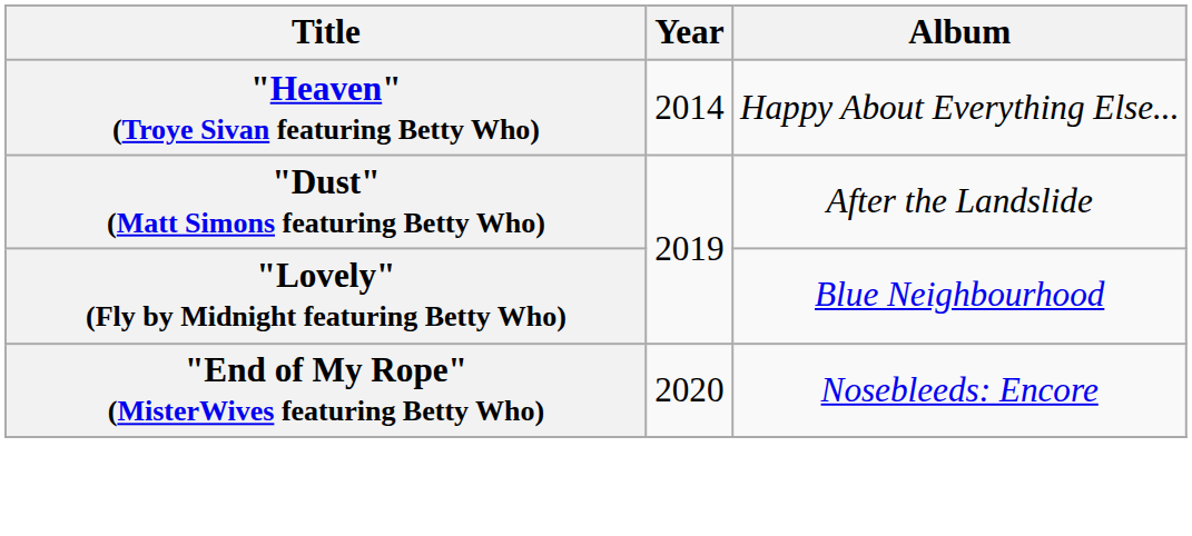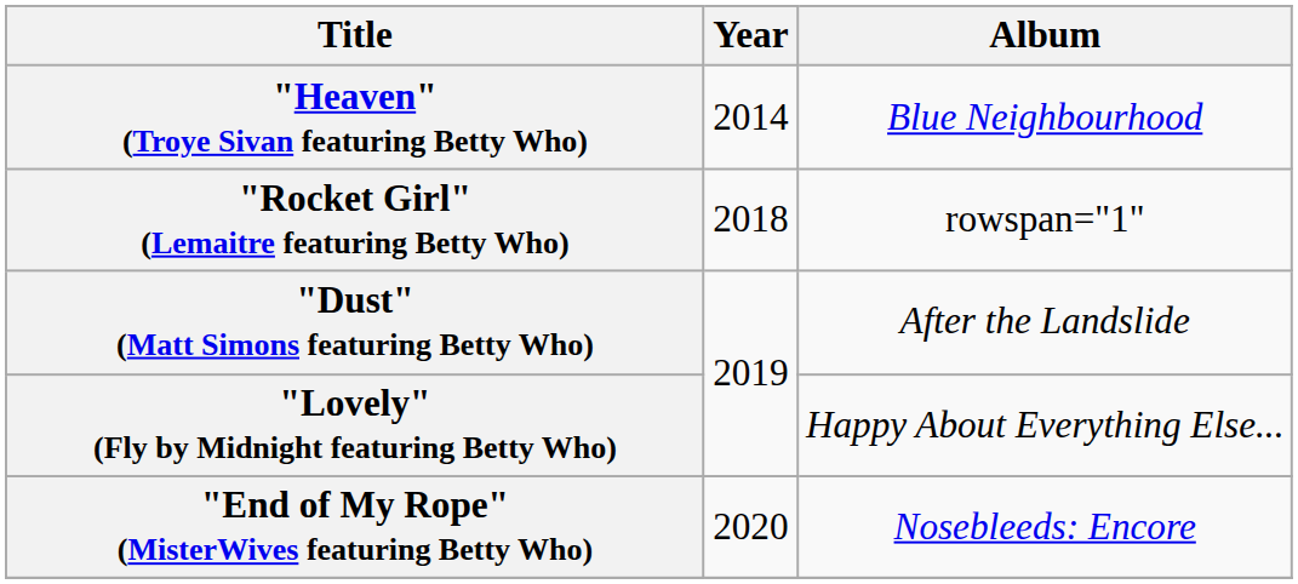 <table class="wikitable plainrowheaders" style="text-align:center;" border="1">
 <tr>
 <th scope="col" style="width:18em;">Title</th>
 <th scope="col">Year</th>
 <th scope="col">Album</th>
 </tr>
 <tr>
 <th scope="row">"<a href='#'>Heaven</a>" <br> <small>(<a href='#'>Troye Sivan</a> featuring Betty Who)</small></th>
 <td>2014</td>
-<td><em>Happy About Everything Else...</em></td>
+<td><em><a href='#'>Blue Neighbourhood</a></em></td>
+</tr>
+<tr>
+<th scope="row">"Rocket Girl" <br> <small>(<a href='#'>Lemaitre</a> featuring Betty Who)</small></th>
+<td>2018</td>
+<td>rowspan="1" </td>
 </tr>
 <tr>
 <th scope="row">"Dust" <br> <small>(<a href='#'>Matt Simons</a> featuring Betty Who)</small></th>
 <td rowspan="2">2019</td>
 <td><em>After the Landslide</em></td>
 </tr>
 <tr>
 <th scope="row">"Lovely"<br> <small>(Fly by Midnight featuring Betty Who)</small></th>
-<td><em><a href='#'>Blue Neighbourhood</a></em></td>
+<td><em>Happy About Everything Else...</em></td>
 </tr>
 <tr>
 <th scope="row">"End of My Rope"<br> <small>(<a href='#'>MisterWives</a> featuring Betty Who)</small></th>
 <td>2020</td>
 <td><em><a href='#'>Nosebleeds: Encore</a></em></td>
 </tr>
 <tr>
 </tr>
 </table>
